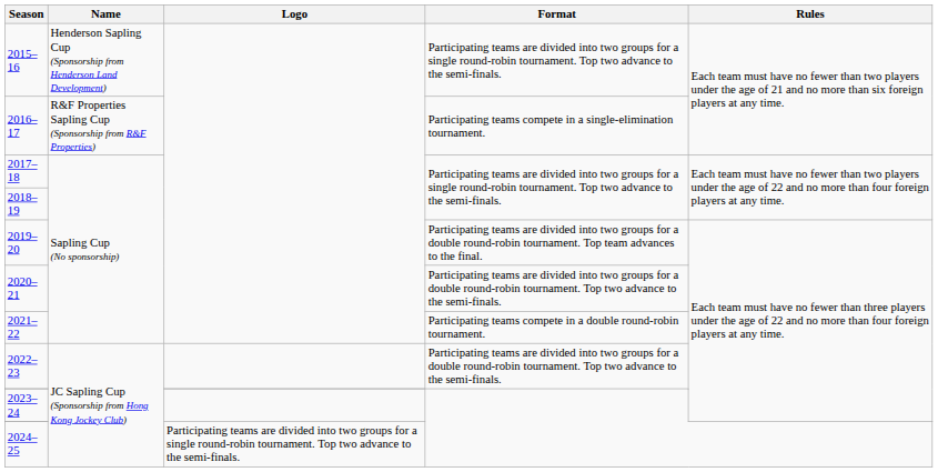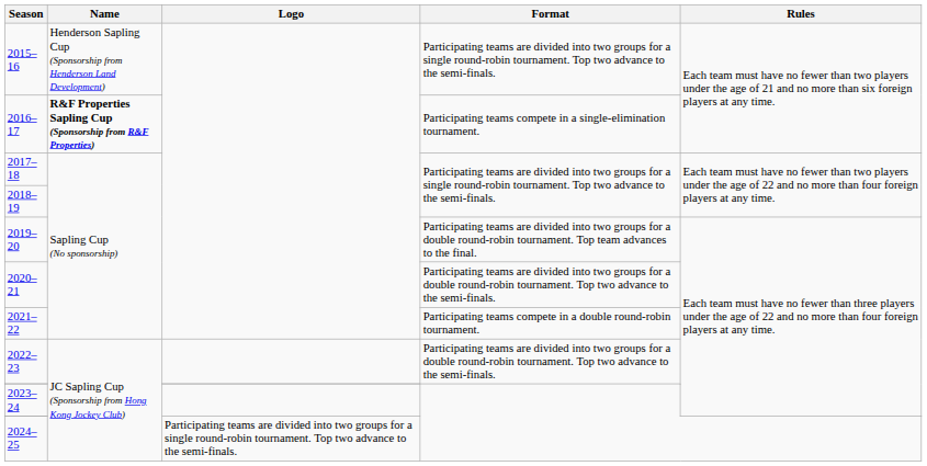 <table class="wikitable">
 <tr>
 <th>Season</th>
 <th>Name</th>
 <th>Logo</th>
 <th>Format</th>
 <th>Rules</th>
 </tr>
 <tr>
 <td><a href='#'>2015–16</a></td>
 <td>Henderson Sapling Cup<br><em><small>(Sponsorship from <a href='#'>Henderson Land Development</a>)</small></em></td>
 <td rowspan="7"></td>
 <td>Participating teams are divided into two groups for a single round-robin tournament. Top two advance to the semi-finals.</td>
 <td rowspan="2">Each team must have no fewer than two players under the age of 21 and no more than six foreign players at any time.</td>
 </tr>
 <tr>
 <td><a href='#'>2016–17</a></td>
-<td>R&F Properties Sapling Cup<br><em><small>(Sponsorship from <a href='#'>R&F Properties</a>)</small></em></td>
+<td><strong>R&F Properties Sapling Cup<br><em><small>(Sponsorship from <a href='#'>R&F Properties</a>)</small></em></strong></td>
 <td>Participating teams compete in a single-elimination tournament.</td>
 </tr>
 <tr>
 <td><a href='#'>2017–18</a></td>
 <td rowspan="5">Sapling Cup<br><em><small>(No sponsorship)</small></em></td>
 <td rowspan="2">Participating teams are divided into two groups for a single round-robin tournament. Top two advance to the semi-finals.</td>
 <td rowspan="2">Each team must have no fewer than two players under the age of 22 and no more than four foreign players at any time.</td>
 </tr>
 <tr>
 <td><a href='#'>2018–19</a></td>
 </tr>
 <tr>
 <td><a href='#'>2019–20</a></td>
 <td>Participating teams are divided into two groups for a double round-robin tournament. Top team advances to the final.</td>
 <td rowspan="6">Each team must have no fewer than three players under the age of 22 and no more than four foreign players at any time.</td>
 </tr>
 <tr>
 <td><a href='#'>2020–21</a></td>
 <td>Participating teams are divided into two groups for a double round-robin tournament. Top two advance to the semi-finals.</td>
 </tr>
 <tr>
 <td><a href='#'>2021–22</a></td>
 <td>Participating teams compete in a double round-robin tournament.</td>
 </tr>
 <tr>
 <td><a href='#'>2022–23</a></td>
 <td rowspan="5">JC Sapling Cup<br><em><small>(Sponsorship from <a href='#'>Hong Kong Jockey Club</a>)</small></em></td>
 <td></td>
 <td rowspan="2">Participating teams are divided into two groups for a double round-robin tournament. Top two advance to the semi-finals.</td>
 </tr>
 <tr>
 </tr>
 <tr>
 <td><a href='#'>2023–24</a></td>
 <td rowspan="2"></td>
 </tr>
 <tr>
 </tr>
 <tr>
 <td><a href='#'>2024–25</a></td>
 <td>Participating teams are divided into two groups for a single round-robin tournament. Top two advance to the semi-finals.</td>
 </tr>
 </table>
